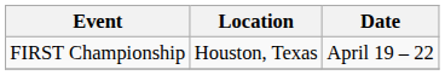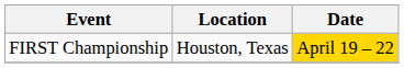 <table class="wikitable">
 <tr>
 <th>Event</th>
 <th>Location</th>
 <th>Date</th>
 </tr>
 <tr>
 <td>FIRST Championship</td>
 <td>Houston, Texas</td>
-<td>April 19 – 22</td>
+<td style="background: gold;">April 19 – 22</td>
 </tr>
 <tr>
 </tr>
 </table>
